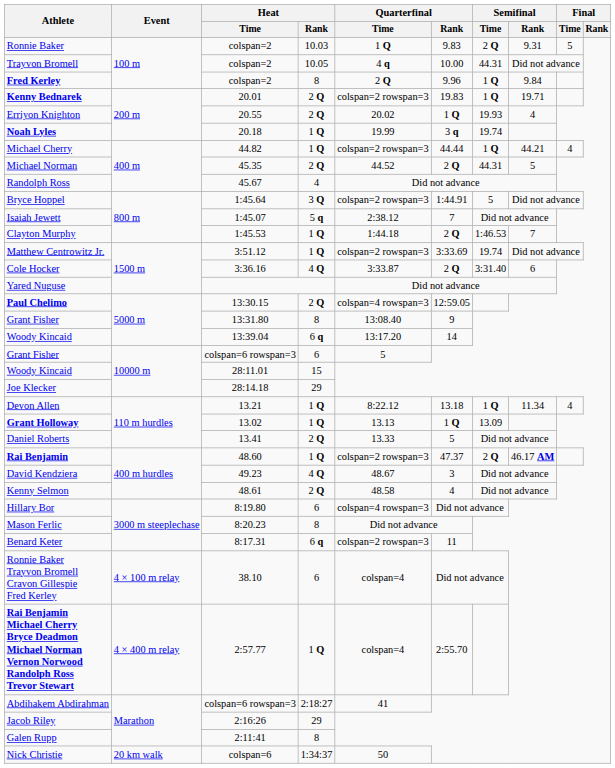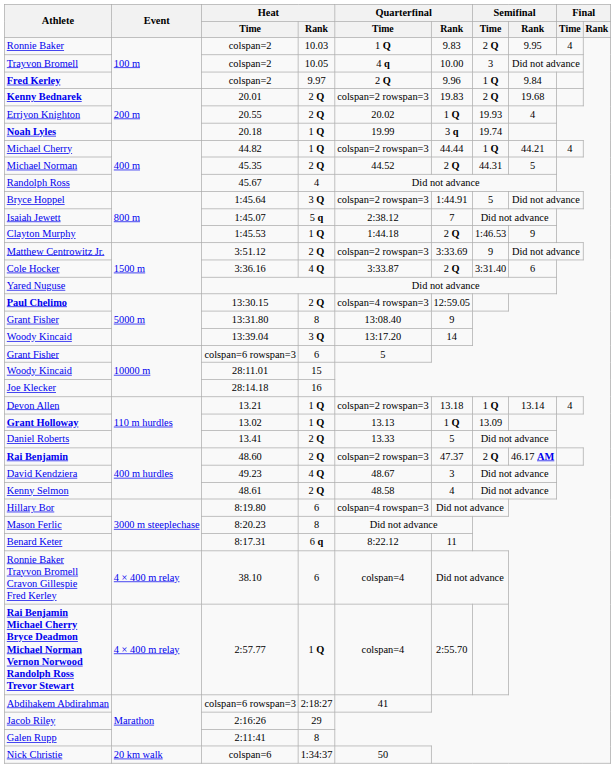 <table class=wikitable style=font-size:90%;text-align:center>
 <tr>
 <th rowspan=2>Athlete</th>
 <th rowspan=2>Event</th>
 <th colspan=2>Heat</th>
 <th colspan=2>Quarterfinal</th>
 <th colspan=2>Semifinal</th>
 <th colspan=2>Final</th>
 </tr>
 <tr style=font-size:95%>
 <th>Time</th>
 <th>Rank</th>
 <th>Time</th>
 <th>Rank</th>
 <th>Time</th>
 <th>Rank</th>
 <th>Time</th>
 <th>Rank</th>
 </tr>
 <tr>
 <td align=left><a href='#'>Ronnie Baker</a></td>
 <td align=left rowspan=3><a href='#'>100 m</a></td>
 <td>colspan=2 </td>
 <td>10.03</td>
 <td>1 <strong>Q</strong></td>
 <td>9.83</td>
 <td>2 <strong>Q</strong></td>
-<td>9.31</td>
-<td>5</td>
+<td>9.95</td>
+<td>4</td>
 </tr>
 <tr>
 <td align=left><a href='#'>Trayvon Bromell</a></td>
 <td>colspan=2 </td>
 <td>10.05</td>
 <td>4 <strong>q</strong></td>
 <td>10.00</td>
-<td>44.31</td>
+<td>3</td>
 <td colspan=2>Did not advance</td>
 </tr>
 <tr>
 <td align=left><strong><a href='#'>Fred Kerley</a></strong></td>
 <td>colspan=2 </td>
-<td>8</td>
+<td>9.97</td>
 <td>2 <strong>Q</strong></td>
 <td>9.96</td>
 <td>1 <strong>Q</strong></td>
 <td>9.84</td>
 <td></td>
 </tr>
 <tr>
 <td align=left><strong><a href='#'>Kenny Bednarek</a></strong></td>
 <td align=left rowspan=3><a href='#'>200 m</a></td>
 <td>20.01</td>
 <td>2 <strong>Q</strong></td>
 <td>colspan=2 rowspan=3 </td>
 <td>19.83</td>
-<td>1 <strong>Q</strong></td>
-<td>19.71</td>
+<td>2 <strong>Q</strong></td>
+<td>19.68</td>
 <td></td>
 </tr>
 <tr>
 <td align=left><a href='#'>Erriyon Knighton</a></td>
 <td>20.55</td>
 <td>2 <strong>Q</strong></td>
 <td>20.02</td>
 <td>1 <strong>Q</strong></td>
 <td>19.93</td>
 <td>4</td>
 </tr>
 <tr>
 <td align=left><strong><a href='#'>Noah Lyles</a></strong></td>
 <td>20.18</td>
 <td>1 <strong>Q</strong></td>
 <td>19.99</td>
 <td>3 <strong>q</strong></td>
 <td>19.74</td>
 <td></td>
 </tr>
 <tr>
 <td align=left><a href='#'>Michael Cherry</a></td>
 <td align=left rowspan=3><a href='#'>400 m</a></td>
 <td>44.82</td>
 <td>1 <strong>Q</strong></td>
 <td>colspan=2 rowspan=3 </td>
 <td>44.44</td>
 <td>1 <strong>Q</strong></td>
 <td>44.21</td>
 <td>4</td>
 </tr>
 <tr>
 <td align=left><a href='#'>Michael Norman</a></td>
 <td>45.35</td>
 <td>2 <strong>Q</strong></td>
 <td>44.52</td>
 <td>2 <strong>Q</strong></td>
 <td>44.31</td>
 <td>5</td>
 </tr>
 <tr>
 <td align=left><a href='#'>Randolph Ross</a></td>
 <td>45.67</td>
 <td>4</td>
 <td colspan=4>Did not advance</td>
 </tr>
 <tr>
 <td align=left><a href='#'>Bryce Hoppel</a></td>
 <td align=left rowspan=3><a href='#'>800 m</a></td>
 <td>1:45.64</td>
 <td>3 <strong>Q</strong></td>
 <td>colspan=2 rowspan=3 </td>
 <td>1:44.91</td>
 <td>5</td>
 <td colspan=2>Did not advance</td>
 </tr>
 <tr>
 <td align=left><a href='#'>Isaiah Jewett</a></td>
 <td>1:45.07</td>
 <td>5 <strong>q</strong></td>
 <td>2:38.12</td>
 <td>7</td>
 <td colspan=2>Did not advance</td>
 </tr>
 <tr>
 <td align=left><a href='#'>Clayton Murphy</a></td>
 <td>1:45.53</td>
 <td>1 <strong>Q</strong></td>
 <td>1:44.18</td>
 <td>2 <strong>Q</strong></td>
 <td>1:46.53</td>
-<td>7</td>
+<td>9</td>
 </tr>
 <tr>
 <td align=left><a href='#'>Matthew Centrowitz Jr.</a></td>
 <td align=left rowspan=3><a href='#'>1500 m</a></td>
 <td>3:51.12</td>
-<td>1 <strong>Q</strong></td>
+<td>2 <strong>Q</strong></td>
 <td>colspan=2 rowspan=3 </td>
 <td>3:33.69</td>
-<td>19.74</td>
+<td>9</td>
 <td colspan=2>Did not advance</td>
 </tr>
 <tr>
 <td align=left><a href='#'>Cole Hocker</a></td>
 <td>3:36.16</td>
 <td>4 <strong>Q</strong></td>
 <td>3:33.87</td>
 <td>2 <strong>Q</strong></td>
 <td>3:31.40</td>
 <td>6</td>
 </tr>
 <tr>
 <td align=left><a href='#'>Yared Nuguse</a></td>
 <td colspan=2></td>
 <td colspan=4>Did not advance</td>
 </tr>
 <tr>
 <td align=left><strong><a href='#'>Paul Chelimo</a></strong></td>
 <td align=left rowspan=3><a href='#'>5000 m</a></td>
 <td>13:30.15</td>
 <td>2  <strong>Q</strong></td>
 <td>colspan=4 rowspan=3 </td>
 <td>12:59.05</td>
 <td></td>
 </tr>
 <tr>
 <td align=left><a href='#'>Grant Fisher</a></td>
 <td>13:31.80</td>
 <td>8</td>
 <td>13:08.40</td>
 <td>9</td>
 </tr>
 <tr>
 <td align=left><a href='#'>Woody Kincaid</a></td>
 <td>13:39.04</td>
-<td>6 <strong>q</strong></td>
+<td>3 <strong>Q</strong></td>
 <td>13:17.20</td>
 <td>14</td>
 </tr>
 <tr>
 <td align=left><a href='#'>Grant Fisher</a></td>
 <td align=left rowspan=3><a href='#'>10000 m</a></td>
 <td>colspan=6 rowspan=3 </td>
 <td>6</td>
 <td>5</td>
 </tr>
 <tr>
 <td align=left><a href='#'>Woody Kincaid</a></td>
 <td>28:11.01</td>
 <td>15</td>
 </tr>
 <tr>
 <td align=left><a href='#'>Joe Klecker</a></td>
 <td>28:14.18</td>
-<td>29</td>
+<td>16</td>
 </tr>
 <tr>
 <td align=left><a href='#'>Devon Allen</a></td>
 <td align=left rowspan=3><a href='#'>110 m hurdles</a></td>
 <td>13.21</td>
 <td>1 <strong>Q</strong></td>
-<td>8:22.12</td>
+<td>colspan=2 rowspan=3 </td>
 <td>13.18</td>
 <td>1 <strong>Q</strong></td>
-<td>11.34</td>
+<td>13.14</td>
 <td>4</td>
 </tr>
 <tr>
 <td align=left><strong><a href='#'>Grant Holloway</a></strong></td>
 <td>13.02</td>
 <td>1 <strong>Q</strong></td>
 <td>13.13</td>
 <td>1 <strong>Q</strong></td>
 <td>13.09</td>
 <td></td>
 </tr>
 <tr>
 <td align=left><a href='#'>Daniel Roberts</a></td>
 <td>13.41</td>
 <td>2 <strong>Q</strong></td>
 <td>13.33</td>
 <td>5</td>
 <td colspan=2>Did not advance</td>
 </tr>
 <tr>
 <td align=left><strong><a href='#'>Rai Benjamin</a></strong></td>
 <td align=left rowspan=3><a href='#'>400 m hurdles</a></td>
 <td>48.60</td>
-<td>1 <strong>Q</strong></td>
+<td>2  <strong>Q</strong></td>
 <td>colspan=2 rowspan=3 </td>
 <td>47.37</td>
 <td>2 <strong>Q</strong></td>
 <td>46.17 <strong><a href='#'>AM</a></strong></td>
 <td></td>
 </tr>
 <tr>
 <td align=left><a href='#'>David Kendziera</a></td>
 <td>49.23</td>
 <td>4 <strong>Q</strong></td>
 <td>48.67</td>
 <td>3</td>
 <td colspan=2>Did not advance</td>
 </tr>
 <tr>
 <td align=left><a href='#'>Kenny Selmon</a></td>
 <td>48.61</td>
 <td>2 <strong>Q</strong></td>
 <td>48.58</td>
 <td>4</td>
 <td colspan=2>Did not advance</td>
 </tr>
 <tr>
 <td align=left><a href='#'>Hillary Bor</a></td>
 <td align=left rowspan=3><a href='#'>3000 m steeplechase</a></td>
 <td>8:19.80</td>
 <td>6</td>
 <td>colspan=4 rowspan=3 </td>
 <td colspan=2>Did not advance</td>
 </tr>
 <tr>
 <td align=left><a href='#'>Mason Ferlic</a></td>
 <td>8:20.23</td>
 <td>8</td>
 <td colspan=2>Did not advance</td>
 </tr>
 <tr>
 <td align=left><a href='#'>Benard Keter</a></td>
 <td>8:17.31</td>
 <td>6 <strong>q</strong></td>
-<td>colspan=2 rowspan=3 </td>
+<td>8:22.12</td>
 <td>11</td>
 </tr>
 <tr>
 <td align=left><a href='#'>Ronnie Baker</a><br><a href='#'>Trayvon Bromell</a><br><a href='#'>Cravon Gillespie</a><br><a href='#'>Fred Kerley</a></td>
-<td align=left><a href='#'>4 × 100 m relay</a></td>
+<td align=left><a href='#'>4 × 400 m relay</a></td>
 <td>38.10</td>
 <td>6</td>
 <td>colspan=4 </td>
 <td colspan="2">Did not advance</td>
 </tr>
 <tr>
 <td align=left><strong><a href='#'>Rai Benjamin</a><br><a href='#'>Michael Cherry</a><br><a href='#'>Bryce Deadmon</a><br><a href='#'>Michael Norman</a><br><a href='#'>Vernon Norwood</a><br><a href='#'>Randolph Ross</a><br><a href='#'>Trevor Stewart</a></strong></td>
 <td align=left><a href='#'>4 × 400 m relay</a></td>
 <td>2:57.77</td>
 <td>1 <strong>Q</strong></td>
 <td>colspan=4 </td>
 <td>2:55.70</td>
 <td></td>
 </tr>
 <tr>
 <td align=left><a href='#'>Abdihakem Abdirahman</a></td>
 <td align=left rowspan=3><a href='#'>Marathon</a></td>
 <td>colspan=6 rowspan=3 </td>
 <td>2:18:27</td>
 <td>41</td>
 </tr>
 <tr>
 <td align=left><a href='#'>Jacob Riley</a></td>
 <td>2:16:26</td>
 <td>29</td>
 </tr>
 <tr>
 <td align=left><a href='#'>Galen Rupp</a></td>
 <td>2:11:41</td>
 <td>8</td>
 </tr>
 <tr>
 <td align=left><a href='#'>Nick Christie</a></td>
 <td align=left><a href='#'>20 km walk</a></td>
 <td>colspan=6 </td>
 <td>1:34:37</td>
 <td>50</td>
 </tr>
 </table>
